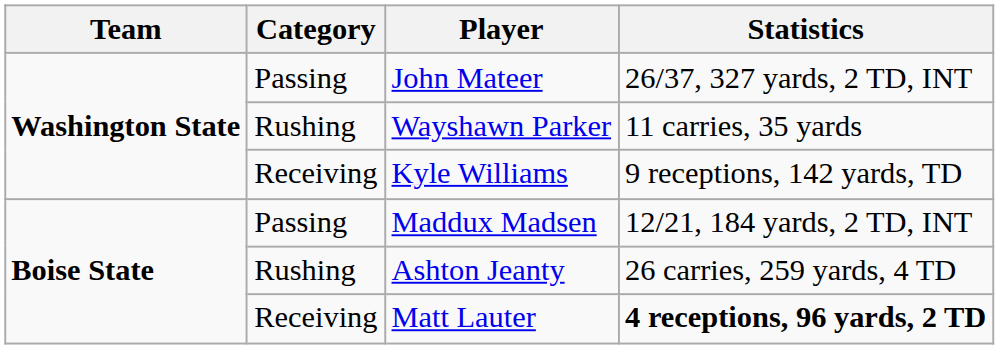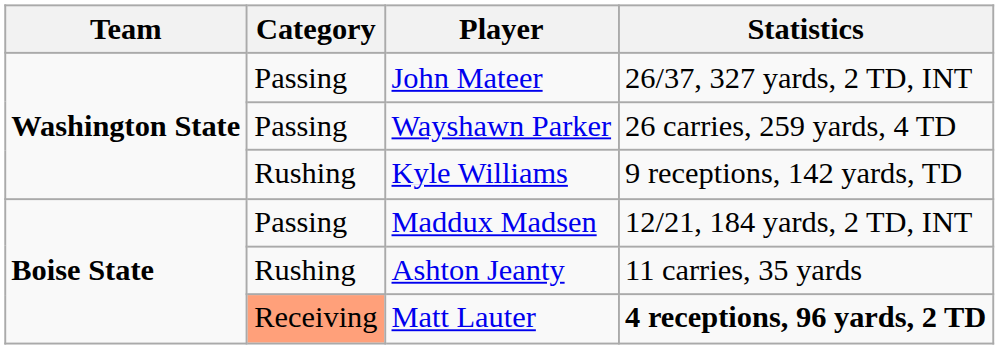 <table class="wikitable" style="float: right;">
 <tr>
 <th>Team</th>
 <th>Category</th>
 <th>Player</th>
 <th>Statistics</th>
 </tr>
 <tr>
 <td rowspan=3><strong>Washington State</strong></td>
 <td>Passing</td>
 <td><a href='#'>John Mateer</a></td>
 <td>26/37, 327 yards, 2 TD, INT</td>
 </tr>
 <tr>
-<td>Rushing</td>
+<td>Passing</td>
 <td><a href='#'>Wayshawn Parker</a></td>
-<td>11 carries, 35 yards</td>
+<td>26 carries, 259 yards, 4 TD</td>
 </tr>
 <tr>
-<td>Receiving</td>
+<td>Rushing</td>
 <td><a href='#'>Kyle Williams</a></td>
 <td>9 receptions, 142 yards, TD</td>
 </tr>
 <tr>
 <td rowspan=3><strong>Boise State</strong></td>
 <td>Passing</td>
 <td><a href='#'>Maddux Madsen</a></td>
 <td>12/21, 184 yards, 2 TD, INT</td>
 </tr>
 <tr>
 <td>Rushing</td>
 <td><a href='#'>Ashton Jeanty</a></td>
-<td>26 carries, 259 yards, 4 TD</td>
+<td>11 carries, 35 yards</td>
 </tr>
 <tr>
-<td>Receiving</td>
+<td style="background: lightsalmon;">Receiving</td>
 <td><a href='#'>Matt Lauter</a></td>
 <td><strong>4 receptions, 96 yards, 2 TD</strong></td>
 </tr>
 </table>
